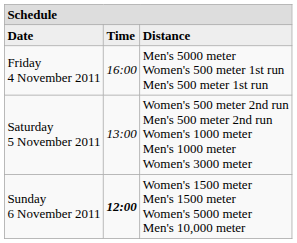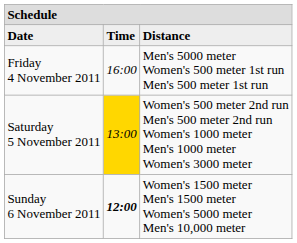 <table class="wikitable">
 <tr align=left bgcolor=#DDDDDD>
 <td colspan=3><strong>Schedule</strong></td>
 </tr>
 <tr align=left bgcolor=#EEEEEE>
 <td><strong>Date</strong></td>
 <td><strong>Time</strong></td>
 <td><strong>Distance</strong></td>
 </tr>
 <tr>
 <td>Friday<br>4 November 2011</td>
 <td><em>16:00</em></td>
 <td>Men's 5000 meter<br>Women's 500 meter 1st run<br>Men's 500 meter 1st run</td>
 </tr>
 <tr>
 <td>Saturday<br>5 November 2011</td>
-<td><em>13:00</em></td>
+<td style="background: gold;"><em>13:00</em></td>
 <td>Women's 500 meter 2nd run<br>Men's 500 meter 2nd run<br>Women's 1000 meter<br>Men's 1000 meter<br>Women's 3000 meter</td>
 </tr>
 <tr>
 <td>Sunday<br>6 November 2011</td>
 <td><strong><em>12:00</em></strong></td>
 <td>Women's 1500 meter<br>Men's 1500 meter<br>Women's 5000 meter<br>Men's 10,000 meter</td>
 </tr>
 </table>
